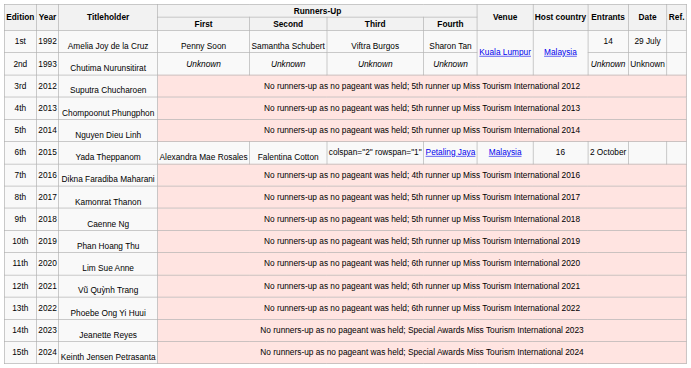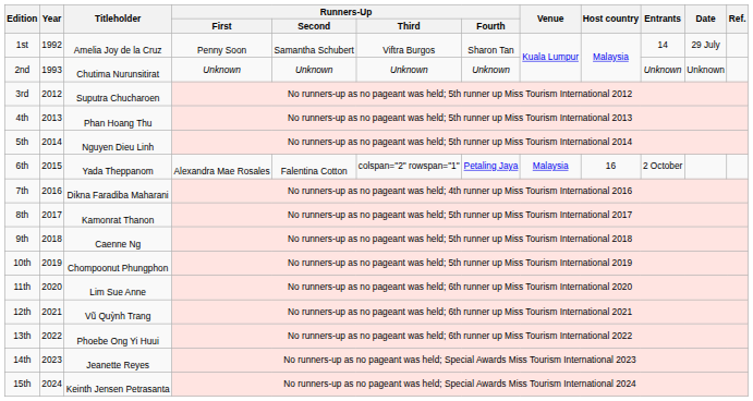 <table class="wikitable sortable" style="font-size: 85%; text-align:center">
 <tr>
 <th rowspan="2">Edition</th>
 <th rowspan="2">Year</th>
 <th rowspan="2">Titleholder</th>
 <th colspan="4">Runners-Up</th>
 <th rowspan="2">Venue</th>
 <th rowspan="2">Host country</th>
 <th rowspan="2">Entrants</th>
 <th rowspan="2">Date</th>
 <th rowspan="2">Ref.</th>
 </tr>
 <tr>
 <th>First</th>
 <th>Second</th>
 <th>Third</th>
 <th>Fourth</th>
 </tr>
 <tr>
 <td>1st</td>
 <td>1992</td>
 <td><br>Amelia Joy de la Cruz</td>
 <td><br>Penny Soon</td>
 <td><br>Samantha Schubert</td>
 <td><br>Viftra Burgos</td>
 <td><br>Sharon Tan</td>
 <td rowspan="2"><a href='#'>Kuala Lumpur</a></td>
 <td rowspan="2"><a href='#'>Malaysia</a></td>
 <td>14</td>
 <td>29 July</td>
 <td></td>
 </tr>
 <tr>
 <td>2nd</td>
 <td>1993</td>
 <td><br>Chutima Nurunsitirat</td>
 <td><em>Unknown</em></td>
 <td><em>Unknown</em></td>
 <td><em>Unknown</em></td>
 <td><em>Unknown</em></td>
 <td><em>Unknown</em></td>
 <td>Unknown</td>
 <td></td>
 </tr>
 <tr>
 <td>3rd</td>
 <td>2012</td>
 <td><br>Suputra Chucharoen</td>
 <td colspan="9" bgcolor="#FFE4E1">No runners-up as no pageant was held; 5th runner up Miss Tourism International 2012</td>
 </tr>
 <tr>
 <td>4th</td>
 <td>2013</td>
-<td><br>Chompoonut Phungphon</td>
+<td><br>Phan Hoang Thu</td>
 <td colspan="9" bgcolor="#FFE4E1">No runners-up as no pageant was held; 5th runner up Miss Tourism International 2013</td>
 </tr>
 <tr>
 <td>5th</td>
 <td>2014</td>
 <td><br>Nguyen Dieu Linh</td>
 <td colspan="9" bgcolor="#FFE4E1">No runners-up as no pageant was held; 5th runner up Miss Tourism International 2014</td>
 </tr>
 <tr>
 <td>6th</td>
 <td>2015</td>
 <td><br>Yada Theppanom</td>
 <td><br>Alexandra Mae Rosales</td>
 <td><br>Falentina Cotton</td>
 <td>colspan="2" rowspan="1" </td>
 <td><a href='#'>Petaling Jaya</a></td>
 <td><a href='#'>Malaysia</a></td>
 <td>16</td>
 <td>2 October</td>
 <td></td>
 </tr>
 <tr>
 <td>7th</td>
 <td>2016</td>
 <td><br>Dikna Faradiba Maharani</td>
 <td colspan="9" bgcolor="#FFE4E1">No runners-up as no pageant was held; 4th runner up Miss Tourism International 2016</td>
 </tr>
 <tr>
 <td>8th</td>
 <td>2017</td>
 <td><br>Kamonrat Thanon</td>
 <td colspan="9" bgcolor="#FFE4E1">No runners-up as no pageant was held; 5th runner up Miss Tourism International 2017</td>
 </tr>
 <tr>
 <td>9th</td>
 <td>2018</td>
 <td><br>Caenne Ng</td>
 <td colspan="9" bgcolor="#FFE4E1">No runners-up as no pageant was held; 5th runner up Miss Tourism International 2018</td>
 </tr>
 <tr>
 <td>10th</td>
 <td>2019</td>
-<td><br>Phan Hoang Thu</td>
+<td><br>Chompoonut Phungphon</td>
 <td colspan="9" bgcolor="#FFE4E1">No runners-up as no pageant was held; 5th runner up Miss Tourism International 2019</td>
 </tr>
 <tr>
 <td>11th</td>
 <td>2020</td>
 <td><br>Lim Sue Anne</td>
 <td colspan="9" bgcolor="#FFE4E1">No runners-up as no pageant was held; 6th runner up Miss Tourism International 2020</td>
 </tr>
 <tr>
 <td>12th</td>
 <td>2021</td>
 <td><br>Vũ Quỳnh Trang</td>
 <td colspan="9" bgcolor="#FFE4E1">No runners-up as no pageant was held; 6th runner up Miss Tourism International 2021</td>
 </tr>
 <tr>
 <td>13th</td>
 <td>2022</td>
 <td><br>Phoebe Ong Yi Huui</td>
 <td colspan="9" bgcolor="#FFE4E1">No runners-up as no pageant was held; 6th runner up Miss Tourism International 2022</td>
 </tr>
 <tr>
 <td>14th</td>
 <td>2023</td>
 <td><br>Jeanette Reyes</td>
 <td colspan="9" bgcolor="#FFE4E1">No runners-up as no pageant was held; Special Awards Miss Tourism International 2023</td>
 </tr>
 <tr>
 <td>15th</td>
 <td>2024</td>
 <td><br>Keinth Jensen Petrasanta</td>
 <td colspan="9" bgcolor="#FFE4E1">No runners-up as no pageant was held; Special Awards Miss Tourism International 2024</td>
 </tr>
 </table>
